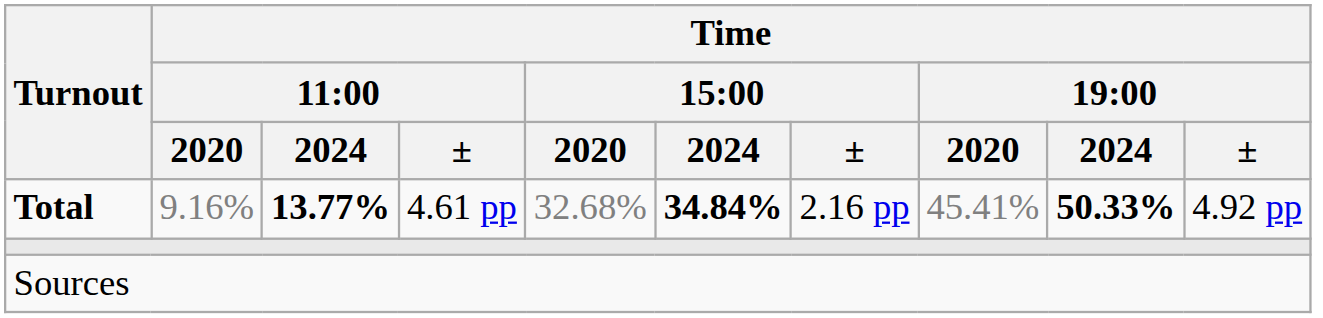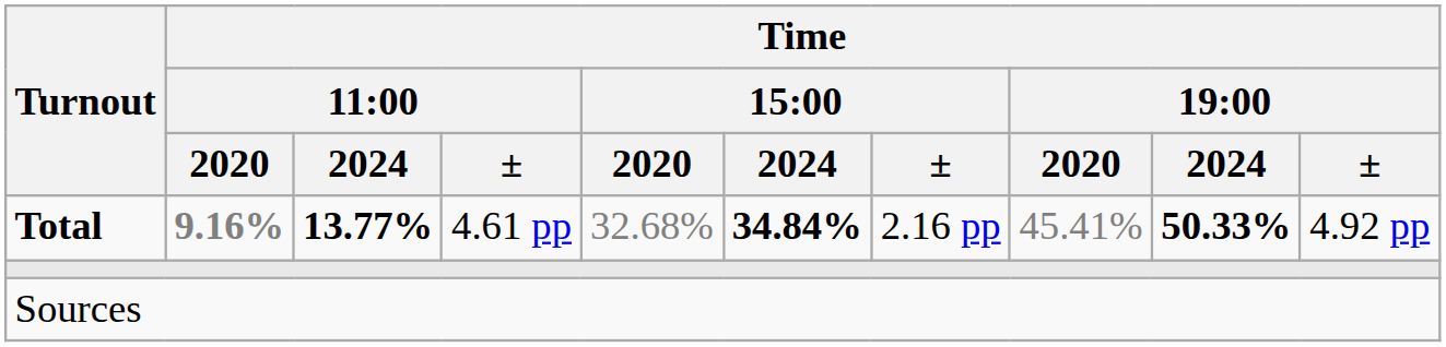 <table class="wikitable sortable" style="text-align:right;">
 <tr>
 <th rowspan="3">Turnout</th>
 <th colspan="9">Time</th>
 </tr>
 <tr>
 <th colspan="3">11:00</th>
 <th colspan="3">15:00</th>
 <th colspan="3">19:00</th>
 </tr>
 <tr>
 <th>2020</th>
 <th>2024</th>
 <th>±</th>
 <th>2020</th>
 <th>2024</th>
 <th>±</th>
 <th>2020</th>
 <th>2024</th>
 <th>±</th>
 </tr>
 <tr>
 <td align="left"><strong>Total</strong></td>
-<td style="color:gray;">9.16%</td>
+<td style="color:gray;"><strong>9.16%</strong></td>
 <td><strong>13.77%</strong></td>
 <td> 4.61 <a href='#'>pp</a></td>
 <td style="color:gray;">32.68%</td>
 <td><strong>34.84%</strong></td>
 <td> 2.16 <a href='#'>pp</a></td>
 <td style="color:gray;">45.41%</td>
 <td><strong>50.33%</strong></td>
 <td> 4.92 <a href='#'>pp</a></td>
 </tr>
 <tr>
 <td colspan="10" bgcolor="#E9E9E9"></td>
 </tr>
 <tr>
 <td align="left" colspan="10">Sources</td>
 </tr>
 </table>
